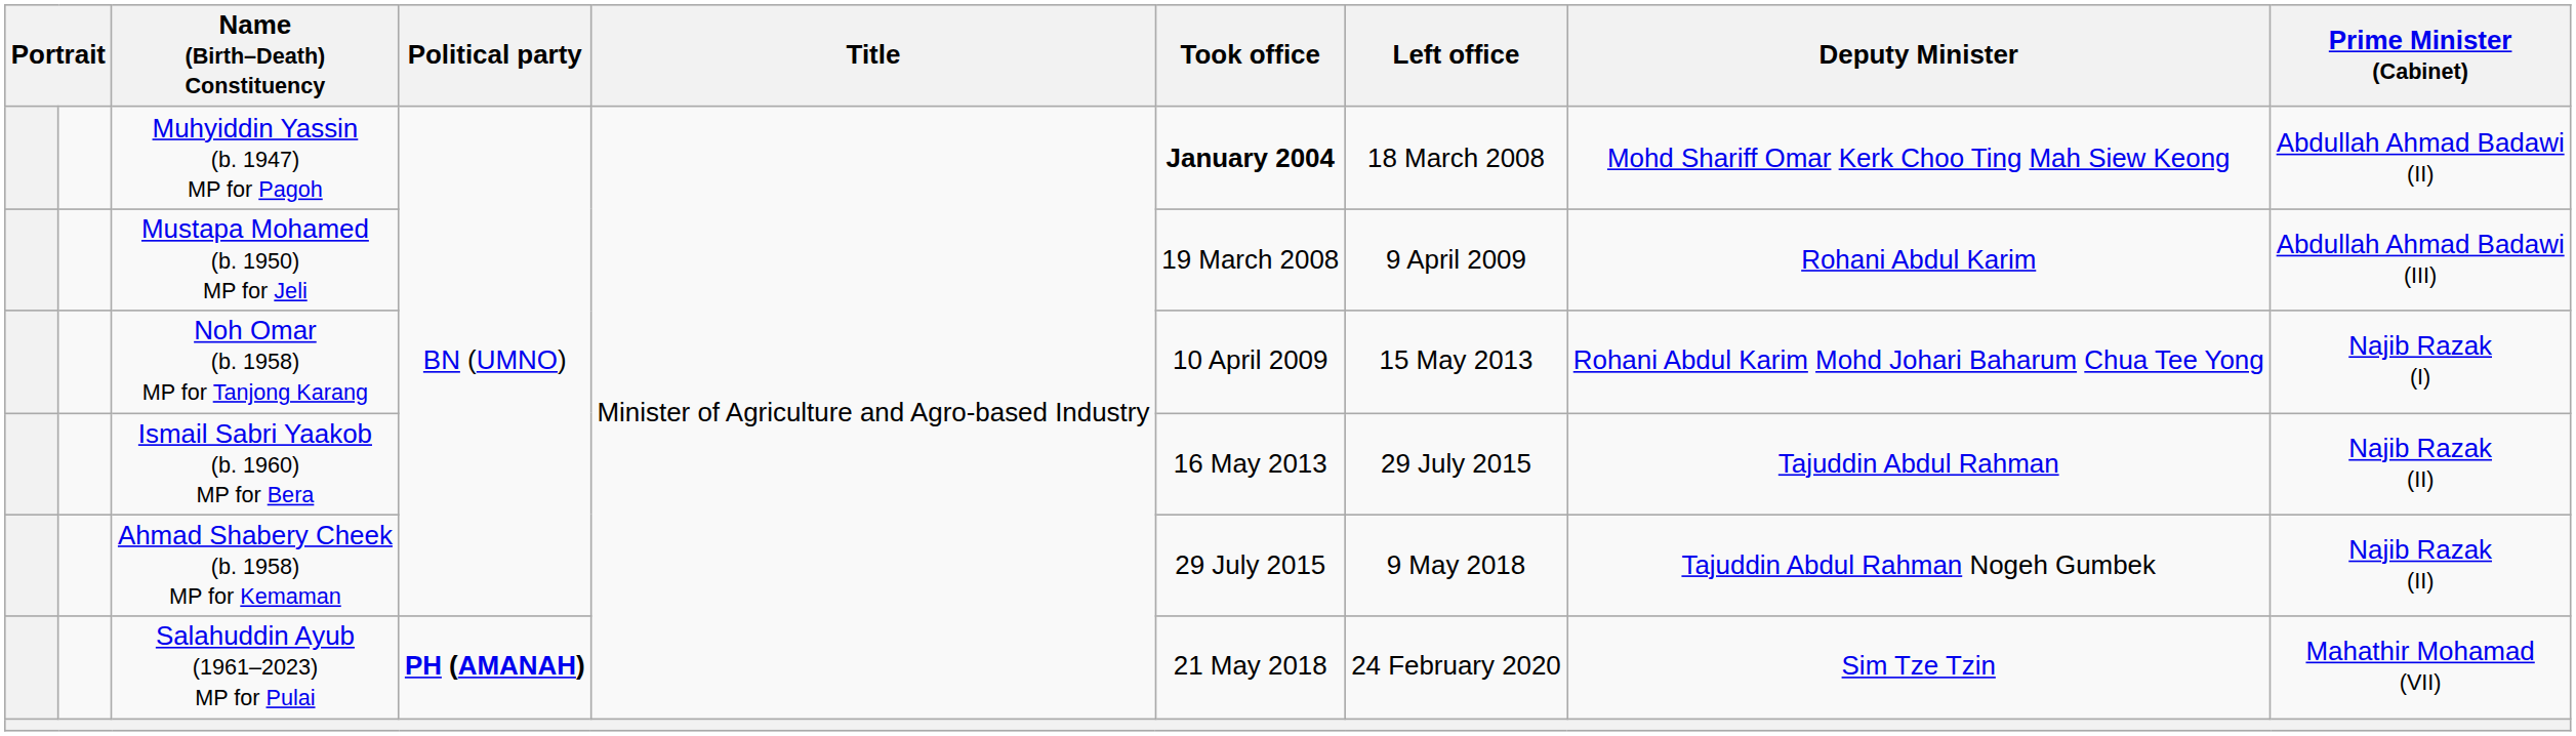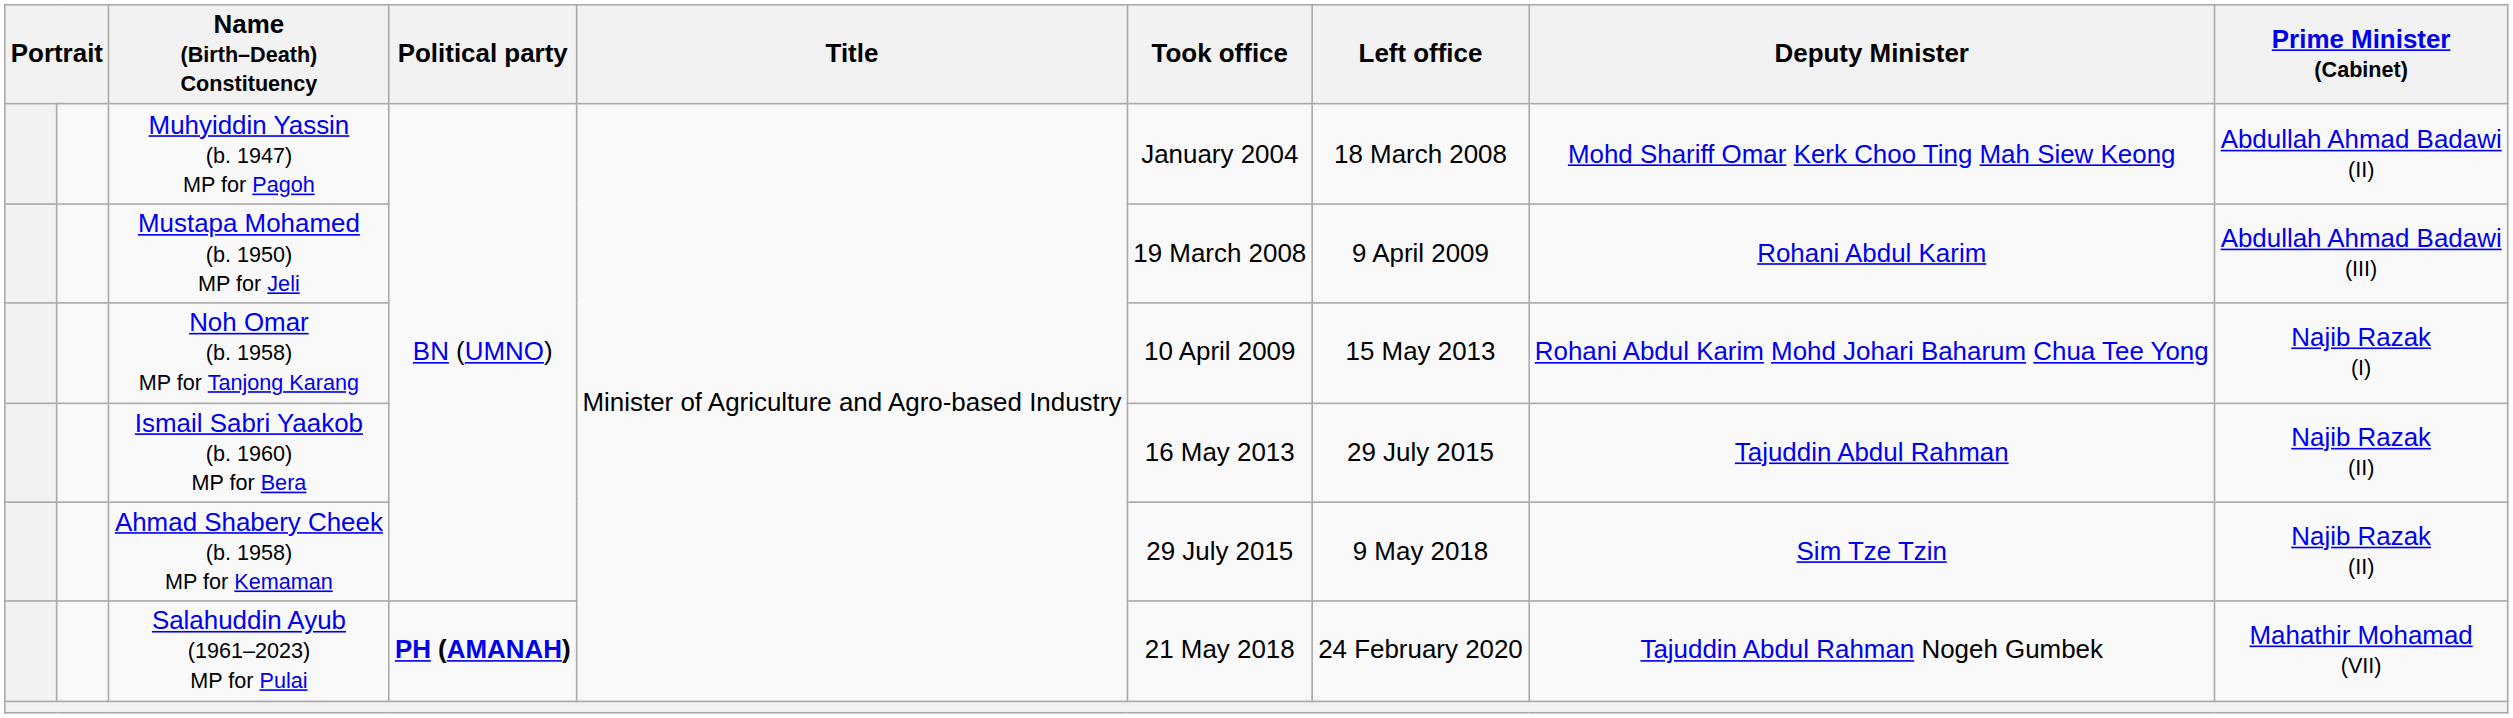 <table class="wikitable" style="text-align:center;">
 <tr>
 <th colspan=2>Portrait</th>
 <th>Name<br><small>(Birth–Death)<br>Constituency</small></th>
 <th>Political party</th>
 <th>Title</th>
 <th>Took office</th>
 <th>Left office</th>
 <th>Deputy Minister</th>
 <th><a href='#'>Prime Minister</a><br><small>(Cabinet)</small></th>
 </tr>
 <tr>
 <th style="background:"></th>
 <td></td>
 <td><a href='#'>Muhyiddin Yassin</a><br><small>(b. 1947)<br>MP for <a href='#'>Pagoh</a></small></td>
 <td rowspan=5><a href='#'>BN</a> (<a href='#'>UMNO</a>)</td>
 <td rowspan=6>Minister of Agriculture and Agro-based Industry</td>
-<td><strong>January 2004</strong></td>
+<td>January 2004</td>
 <td>18 March 2008</td>
 <td><a href='#'>Mohd Shariff Omar</a> <a href='#'>Kerk Choo Ting</a>  <a href='#'>Mah Siew Keong</a> </td>
 <td><a href='#'>Abdullah Ahmad Badawi</a><br><small>(II)</small></td>
 </tr>
 <tr>
 <th style="background:"></th>
 <td></td>
 <td><a href='#'>Mustapa Mohamed</a><br><small>(b. 1950)<br>MP for <a href='#'>Jeli</a></small></td>
 <td>19 March 2008</td>
 <td>9 April 2009</td>
 <td><a href='#'>Rohani Abdul Karim</a></td>
 <td><a href='#'>Abdullah Ahmad Badawi</a><br><small>(III)</small></td>
 </tr>
 <tr>
 <th style="background:"></th>
 <td></td>
 <td><a href='#'>Noh Omar</a><br><small>(b. 1958)<br>MP for <a href='#'>Tanjong Karang</a></small></td>
 <td>10 April 2009</td>
 <td>15 May 2013</td>
 <td><a href='#'>Rohani Abdul Karim</a> <a href='#'>Mohd Johari Baharum</a>  <a href='#'>Chua Tee Yong</a> </td>
 <td><a href='#'>Najib Razak</a><br><small>(I)</small></td>
 </tr>
 <tr>
 <th style="background:"></th>
 <td></td>
 <td><a href='#'>Ismail Sabri Yaakob</a><br><small>(b. 1960)<br>MP for <a href='#'>Bera</a></small></td>
 <td>16 May 2013</td>
 <td>29 July 2015</td>
 <td><a href='#'>Tajuddin Abdul Rahman</a></td>
 <td><a href='#'>Najib Razak</a><br><small>(II)</small></td>
 </tr>
 <tr>
 <th style="background:"></th>
 <td></td>
 <td><a href='#'>Ahmad Shabery Cheek</a><br><small>(b. 1958)<br>MP for <a href='#'>Kemaman</a></small></td>
 <td>29 July 2015</td>
 <td>9 May 2018</td>
-<td><a href='#'>Tajuddin Abdul Rahman</a>  Nogeh Gumbek </td>
+<td><a href='#'>Sim Tze Tzin</a></td>
 <td><a href='#'>Najib Razak</a><br><small>(II)</small></td>
 </tr>
 <tr>
 <th style="background:"></th>
 <td></td>
 <td><a href='#'>Salahuddin Ayub</a><br><small>(1961–2023)<br>MP for <a href='#'>Pulai</a></small></td>
 <td><strong><a href='#'>PH</a> (<a href='#'>AMANAH</a>)</strong></td>
 <td>21 May 2018</td>
 <td>24 February 2020</td>
-<td><a href='#'>Sim Tze Tzin</a></td>
+<td><a href='#'>Tajuddin Abdul Rahman</a>  Nogeh Gumbek </td>
 <td><a href='#'>Mahathir Mohamad</a><br><small>(VII)</small></td>
 </tr>
 <tr>
 <th colspan="9" bgcolor="cccccc"></th>
 </tr>
 </table>
